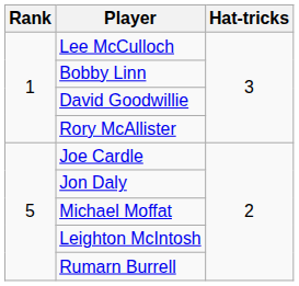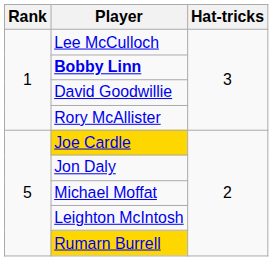 <table class="wikitable">
 <tr>
 <th>Rank</th>
 <th>Player</th>
 <th>Hat-tricks</th>
 </tr>
 <tr>
 <td rowspan="4" style="text-align:center">1</td>
 <td> <a href='#'>Lee McCulloch</a></td>
 <td rowspan="4" style="text-align:center">3</td>
 </tr>
 <tr>
-<td> <a href='#'>Bobby Linn</a></td>
+<td><strong> <a href='#'>Bobby Linn</a></strong></td>
 </tr>
 <tr>
 <td> <a href='#'>David Goodwillie</a></td>
 </tr>
 <tr>
 <td> <a href='#'>Rory McAllister</a></td>
 </tr>
 <tr>
 <td rowspan="5" style="text-align:center">5</td>
-<td> <a href='#'>Joe Cardle</a></td>
+<td style="background: gold;"> <a href='#'>Joe Cardle</a></td>
 <td rowspan="5" style="text-align:center">2</td>
 </tr>
 <tr>
 <td> <a href='#'>Jon Daly</a></td>
 </tr>
 <tr>
 <td> <a href='#'>Michael Moffat</a></td>
 </tr>
 <tr>
 <td> <a href='#'>Leighton McIntosh</a></td>
 </tr>
 <tr>
-<td> <a href='#'>Rumarn Burrell</a></td>
+<td style="background: gold;"> <a href='#'>Rumarn Burrell</a></td>
 </tr>
 </table>
